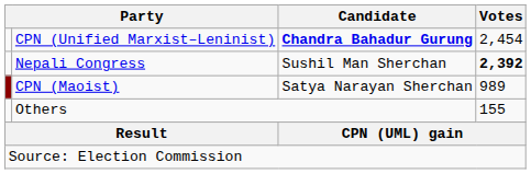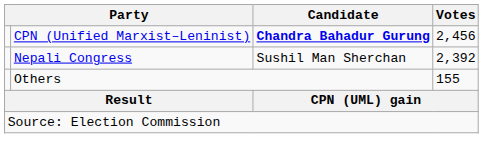 <table class="wikitable">
 <tr>
 <th colspan="2">Party</th>
 <th>Candidate</th>
 <th>Votes</th>
 </tr>
 <tr>
 <td style="background-color:"></td>
 <td><a href='#'>CPN (Unified Marxist–Leninist)</a></td>
 <td><strong><a href='#'>Chandra Bahadur Gurung</a></strong></td>
-<td>2,454</td>
+<td>2,456</td>
 </tr>
 <tr>
 <td style="background-color:"></td>
 <td><a href='#'>Nepali Congress</a></td>
 <td>Sushil Man Sherchan</td>
-<td><strong>2,392</strong></td>
-</tr>
-<tr>
-<td style="background-color:darkred"></td>
-<td><a href='#'>CPN (Maoist)</a></td>
-<td>Satya Narayan Sherchan</td>
-<td>989</td>
+<td>2,392</td>
 </tr>
 <tr>
 <td></td>
 <td colspan="2">Others</td>
 <td>155</td>
 </tr>
 <tr>
 <th colspan="2">Result</th>
 <th colspan="2">CPN (UML) gain</th>
 </tr>
 <tr>
 <td colspan="4">Source: Election Commission</td>
 </tr>
 </table>
